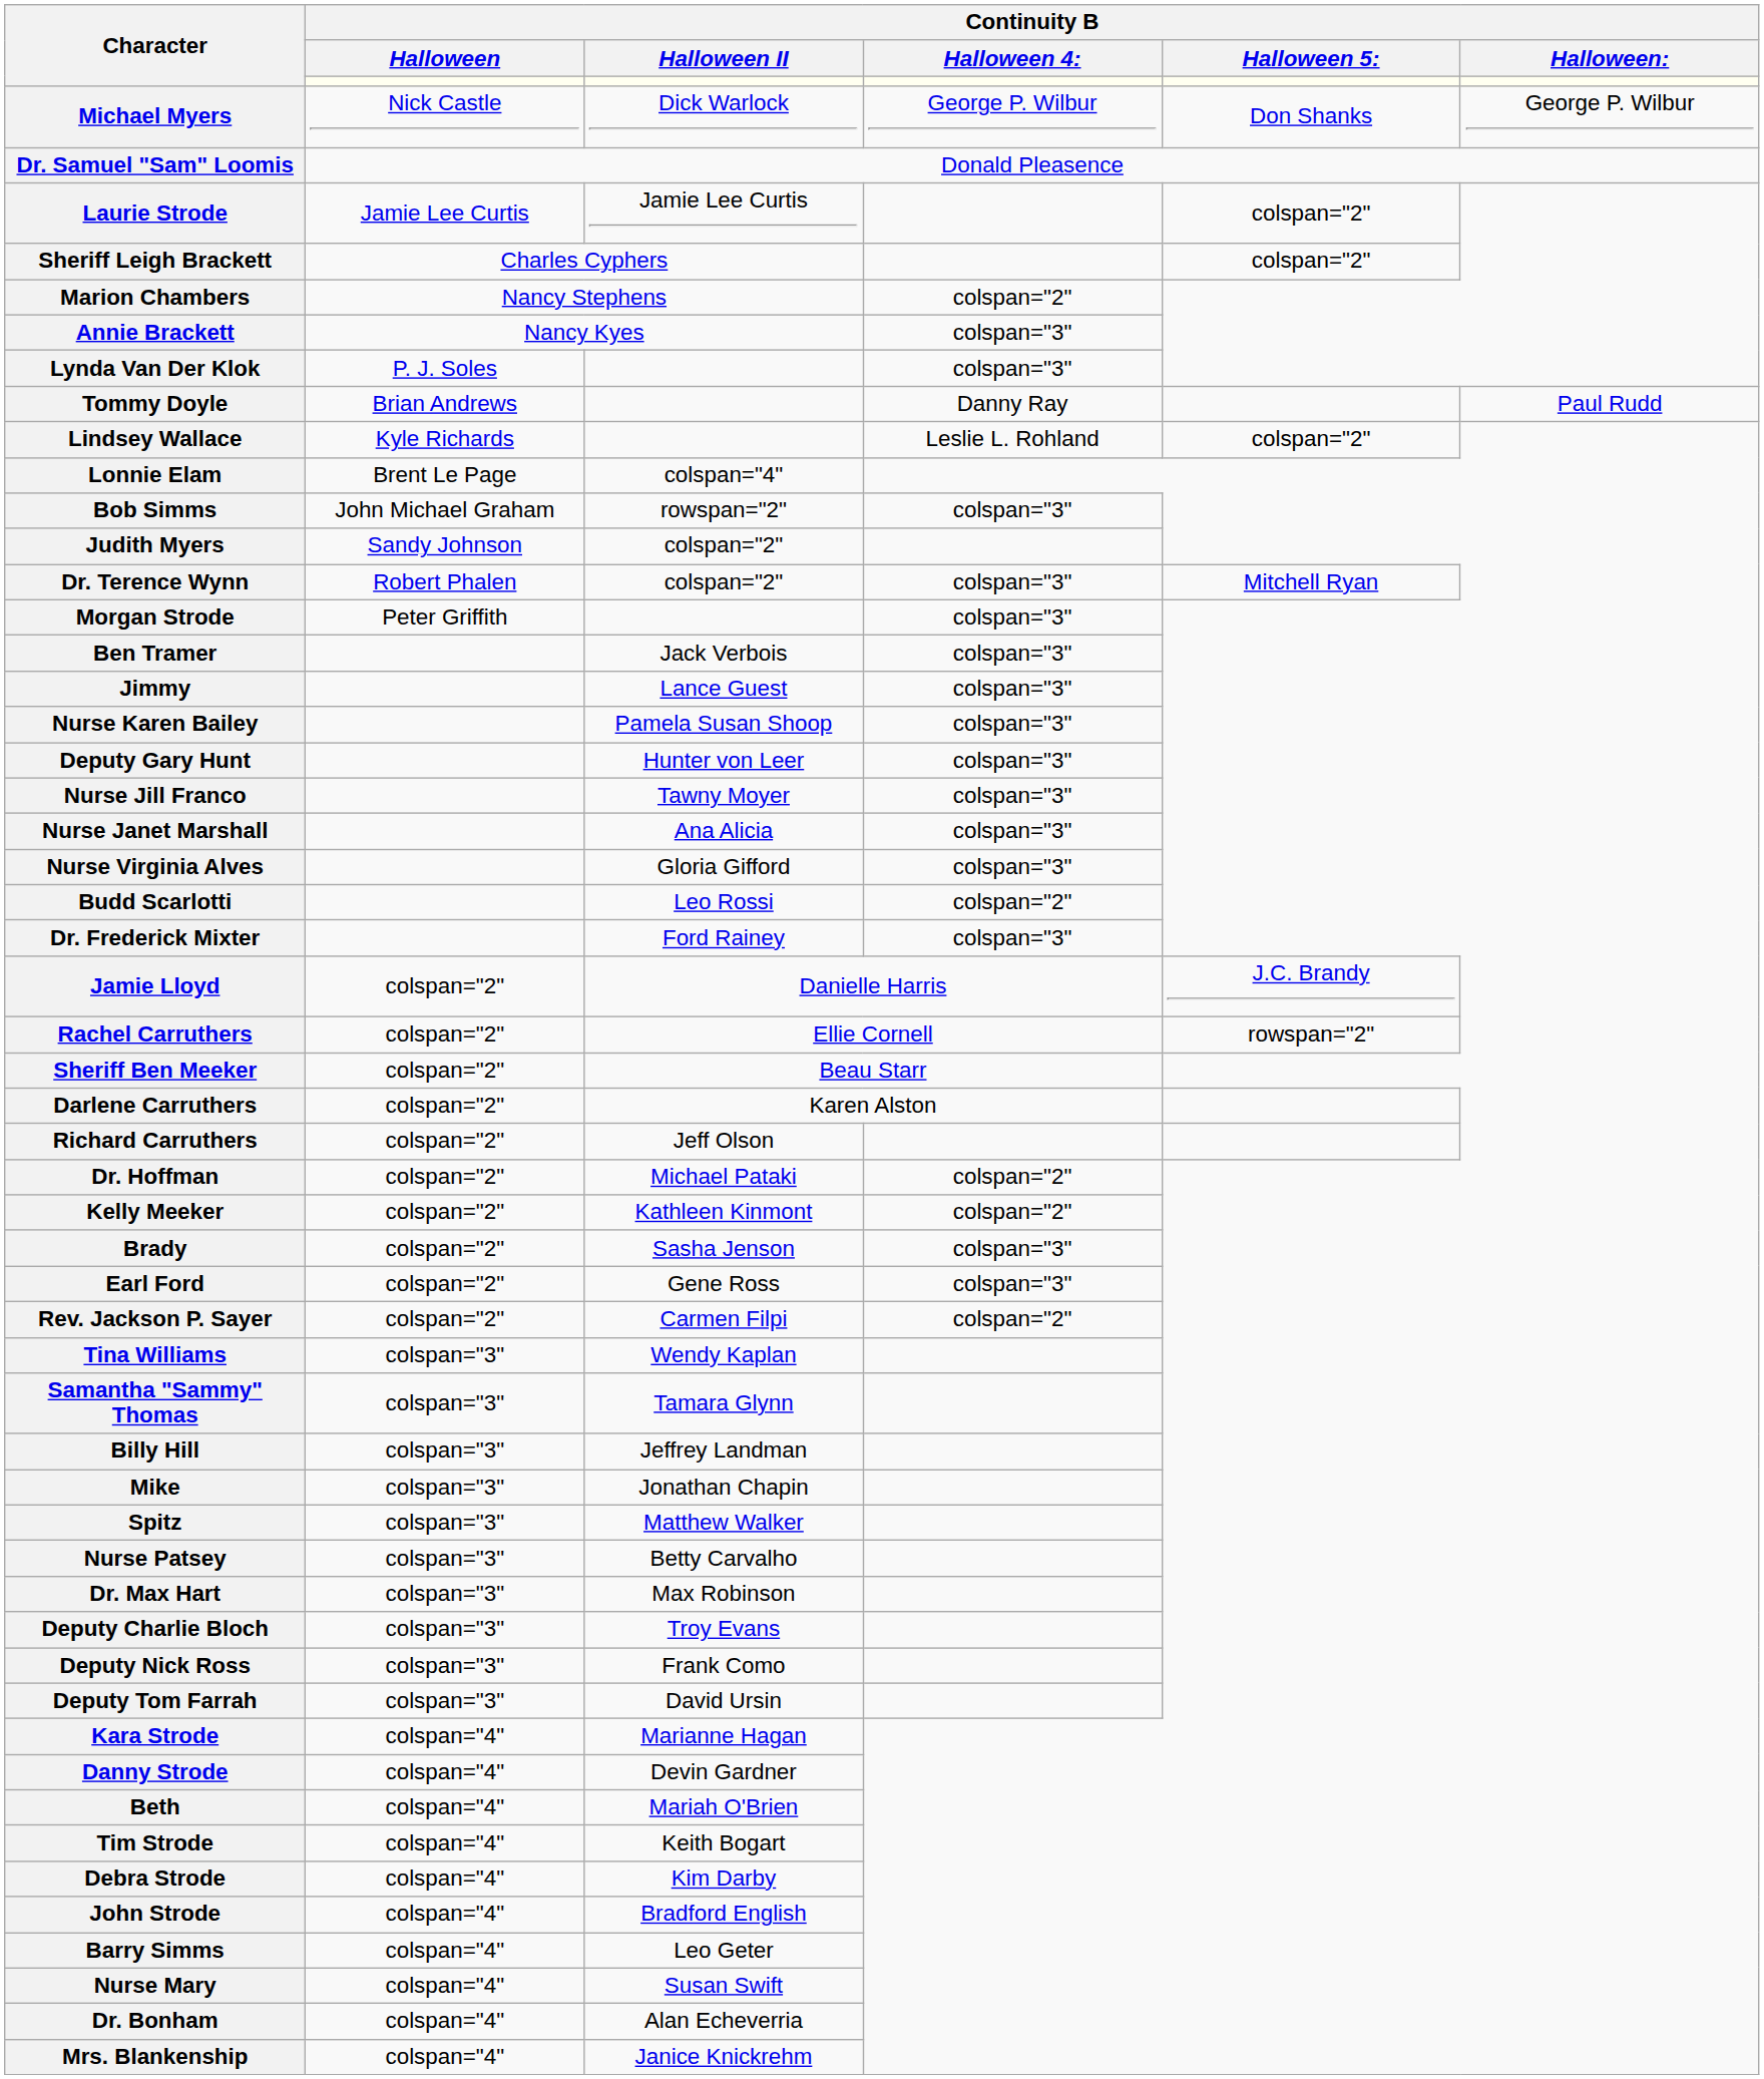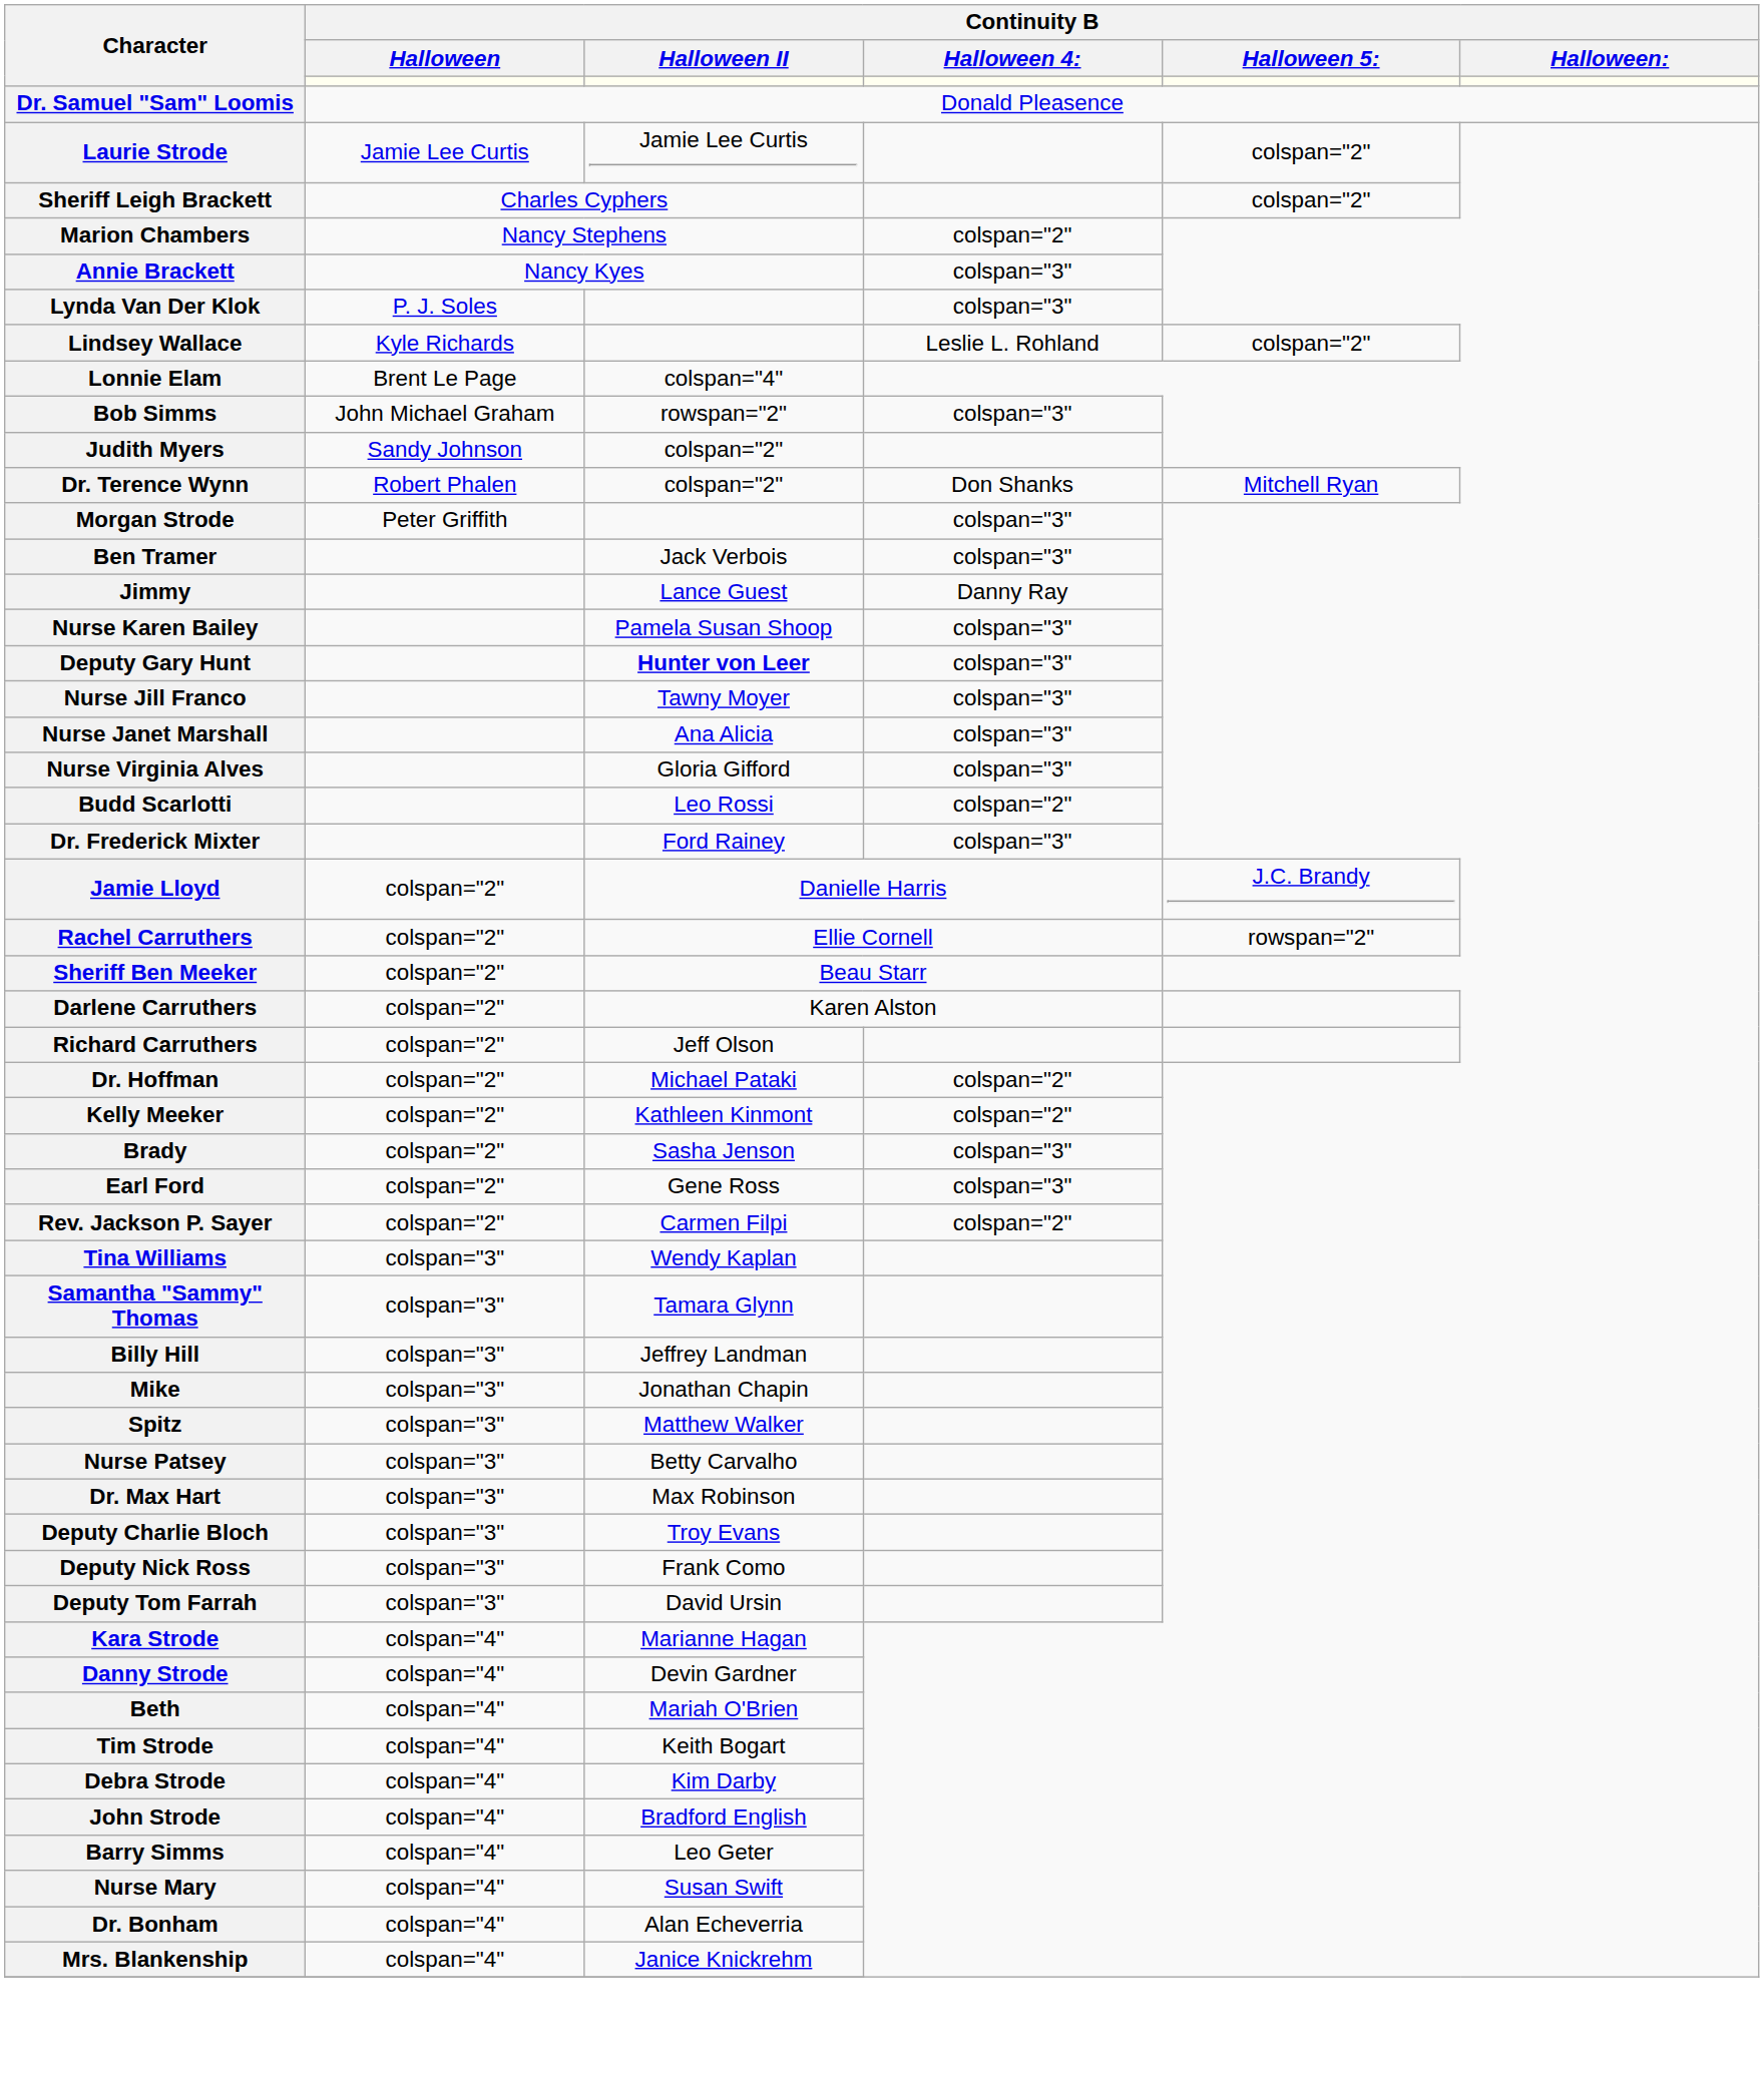 <table class="wikitable" style="text-align:center; width:99%; ">
 <tr>
 <th rowspan="3" style="width:15.1%;">Character</th>
 <th colspan="5" style="text-align:center;">Continuity B</th>
 </tr>
 <tr>
 <th style="text-align:center; width:14%;"><a href='#'><em>Halloween</em></a></th>
 <th style="text-align:center; width:14%;"><a href='#'><em>Halloween II</em></a></th>
 <th style="text-align:center; width:15%;"><a href='#'><em>Halloween 4:<br></em></a></th>
 <th style="text-align:center; width:15%;"><a href='#'><em>Halloween 5:<br></em></a></th>
 <th style="text-align:center; width:15%;"><a href='#'><em>Halloween:<br></em></a></th>
 </tr>
 <tr>
 <td style="background:ivory;"></td>
 <td style="background:ivory;"></td>
 <td style="background:ivory;"></td>
 <td style="background:ivory;"></td>
 <td style="background:ivory;"></td>
-</tr>
-<tr>
-<th><a href='#'>Michael Myers<br></a></th>
-<td><a href='#'>Nick Castle</a><hr></td>
-<td><a href='#'>Dick Warlock</a><hr></td>
-<td><a href='#'>George P. Wilbur</a><hr></td>
-<td><a href='#'>Don Shanks</a></td>
-<td>George P. Wilbur<hr></td>
 </tr>
 <tr>
 <th><a href='#'>Dr. Samuel "Sam" Loomis</a></th>
 <td colspan="5"><a href='#'>Donald Pleasence</a></td>
 </tr>
 <tr>
 <th><a href='#'>Laurie Strode</a></th>
 <td><a href='#'>Jamie Lee Curtis</a></td>
 <td>Jamie Lee Curtis<hr></td>
 <td></td>
 <td>colspan="2" </td>
 </tr>
 <tr>
 <th>Sheriff Leigh Brackett</th>
 <td colspan="2"><a href='#'>Charles Cyphers</a></td>
 <td></td>
 <td>colspan="2" </td>
 </tr>
 <tr>
 <th>Marion Chambers</th>
 <td colspan="2"><a href='#'>Nancy Stephens</a></td>
 <td>colspan="2" </td>
 </tr>
 <tr>
 <th><a href='#'>Annie Brackett</a></th>
 <td colspan="2"><a href='#'>Nancy Kyes</a></td>
 <td>colspan="3" </td>
 </tr>
 <tr>
 <th>Lynda Van Der Klok</th>
 <td><a href='#'>P. J. Soles</a></td>
 <td></td>
 <td>colspan="3" </td>
 </tr>
 <tr>
-<th>Tommy Doyle</th>
-<td><a href='#'>Brian Andrews</a></td>
-<td></td>
-<td>Danny Ray</td>
-<td></td>
-<td><a href='#'>Paul Rudd</a></td>
-</tr>
-<tr>
 <th>Lindsey Wallace</th>
 <td><a href='#'>Kyle Richards</a></td>
 <td></td>
 <td>Leslie L. Rohland</td>
 <td>colspan="2" </td>
 </tr>
 <tr>
 <th>Lonnie Elam</th>
 <td>Brent Le Page</td>
 <td>colspan="4" </td>
 </tr>
 <tr>
 <th>Bob Simms</th>
 <td>John Michael Graham</td>
 <td>rowspan="2" </td>
 <td>colspan="3" </td>
 </tr>
 <tr>
 <th>Judith Myers</th>
 <td><a href='#'>Sandy Johnson</a></td>
 <td>colspan="2" </td>
 <td></td>
 </tr>
 <tr>
 <th>Dr. Terence Wynn</th>
 <td><a href='#'>Robert Phalen</a></td>
 <td>colspan="2" </td>
-<td>colspan="3" </td>
+<td>Don Shanks</td>
 <td><a href='#'>Mitchell Ryan</a></td>
 </tr>
 <tr>
 <th>Morgan Strode</th>
 <td>Peter Griffith</td>
 <td></td>
 <td>colspan="3" </td>
 </tr>
 <tr>
 <th>Ben Tramer</th>
 <td></td>
 <td>Jack Verbois</td>
 <td>colspan="3" </td>
 </tr>
 <tr>
 <th>Jimmy</th>
 <td></td>
 <td><a href='#'>Lance Guest</a></td>
-<td>colspan="3" </td>
+<td>Danny Ray</td>
 </tr>
 <tr>
 <th>Nurse Karen Bailey</th>
 <td></td>
 <td><a href='#'>Pamela Susan Shoop</a></td>
 <td>colspan="3" </td>
 </tr>
 <tr>
 <th>Deputy Gary Hunt</th>
 <td></td>
-<td><a href='#'>Hunter von Leer</a></td>
+<td><strong><a href='#'>Hunter von Leer</a></strong></td>
 <td>colspan="3" </td>
 </tr>
 <tr>
 <th>Nurse Jill Franco</th>
 <td></td>
 <td><a href='#'>Tawny Moyer</a></td>
 <td>colspan="3" </td>
 </tr>
 <tr>
 <th>Nurse Janet Marshall</th>
 <td></td>
 <td><a href='#'>Ana Alicia</a></td>
 <td>colspan="3" </td>
 </tr>
 <tr>
 <th>Nurse Virginia Alves</th>
 <td></td>
 <td>Gloria Gifford</td>
 <td>colspan="3" </td>
 </tr>
 <tr>
 <th>Budd Scarlotti</th>
 <td></td>
 <td><a href='#'>Leo Rossi</a></td>
 <td>colspan="2" </td>
 </tr>
 <tr>
 <th>Dr. Frederick Mixter</th>
 <td></td>
 <td><a href='#'>Ford Rainey</a></td>
 <td>colspan="3" </td>
 </tr>
 <tr>
 <th><a href='#'>Jamie Lloyd</a></th>
 <td>colspan="2" </td>
 <td colspan="2"><a href='#'>Danielle Harris</a></td>
 <td><a href='#'>J.C. Brandy</a><hr></td>
 </tr>
 <tr>
 <th><a href='#'>Rachel Carruthers</a></th>
 <td>colspan="2" </td>
 <td colspan="2"><a href='#'>Ellie Cornell</a></td>
 <td>rowspan="2" </td>
 </tr>
 <tr>
 <th><a href='#'>Sheriff Ben Meeker</a></th>
 <td>colspan="2" </td>
 <td colspan="2"><a href='#'>Beau Starr</a></td>
 </tr>
 <tr>
 <th>Darlene Carruthers</th>
 <td>colspan="2" </td>
 <td colspan="2">Karen Alston</td>
 <td></td>
 </tr>
 <tr>
 <th>Richard Carruthers</th>
 <td>colspan="2" </td>
 <td>Jeff Olson</td>
 <td></td>
 <td></td>
 </tr>
 <tr>
 <th>Dr. Hoffman</th>
 <td>colspan="2" </td>
 <td><a href='#'>Michael Pataki</a></td>
 <td>colspan="2" </td>
 </tr>
 <tr>
 <th>Kelly Meeker</th>
 <td>colspan="2" </td>
 <td><a href='#'>Kathleen Kinmont</a></td>
 <td>colspan="2" </td>
 </tr>
 <tr>
 <th>Brady</th>
 <td>colspan="2" </td>
 <td><a href='#'>Sasha Jenson</a></td>
 <td>colspan="3" </td>
 </tr>
 <tr>
 <th>Earl Ford</th>
 <td>colspan="2" </td>
 <td>Gene Ross</td>
 <td>colspan="3" </td>
 </tr>
 <tr>
 <th>Rev. Jackson P. Sayer</th>
 <td>colspan="2" </td>
 <td><a href='#'>Carmen Filpi</a></td>
 <td>colspan="2" </td>
 </tr>
 <tr>
 <th><a href='#'>Tina Williams</a></th>
 <td>colspan="3" </td>
 <td><a href='#'>Wendy Kaplan</a></td>
 <td></td>
 </tr>
 <tr>
 <th><a href='#'>Samantha "Sammy" Thomas</a></th>
 <td>colspan="3" </td>
 <td><a href='#'>Tamara Glynn</a></td>
 <td></td>
 </tr>
 <tr>
 <th>Billy Hill</th>
 <td>colspan="3" </td>
 <td>Jeffrey Landman</td>
 <td></td>
 </tr>
 <tr>
 <th>Mike</th>
 <td>colspan="3" </td>
 <td>Jonathan Chapin</td>
 <td></td>
 </tr>
 <tr>
 <th>Spitz</th>
 <td>colspan="3" </td>
 <td><a href='#'>Matthew Walker</a></td>
 <td></td>
 </tr>
 <tr>
 <th>Nurse Patsey</th>
 <td>colspan="3" </td>
 <td>Betty Carvalho</td>
 <td></td>
 </tr>
 <tr>
 <th>Dr. Max Hart</th>
 <td>colspan="3" </td>
 <td>Max Robinson</td>
 <td></td>
 </tr>
 <tr>
 <th>Deputy Charlie Bloch</th>
 <td>colspan="3" </td>
 <td><a href='#'>Troy Evans</a></td>
 <td></td>
 </tr>
 <tr>
 <th>Deputy Nick Ross</th>
 <td>colspan="3" </td>
 <td>Frank Como</td>
 <td></td>
 </tr>
 <tr>
 <th>Deputy Tom Farrah</th>
 <td>colspan="3" </td>
 <td>David Ursin</td>
 <td></td>
 </tr>
 <tr>
 <th><a href='#'>Kara Strode</a></th>
 <td>colspan="4" </td>
 <td><a href='#'>Marianne Hagan</a></td>
 </tr>
 <tr>
 <th><a href='#'>Danny Strode</a></th>
 <td>colspan="4" </td>
 <td>Devin Gardner</td>
 </tr>
 <tr>
 <th>Beth</th>
 <td>colspan="4" </td>
 <td><a href='#'>Mariah O'Brien</a></td>
 </tr>
 <tr>
 <th>Tim Strode</th>
 <td>colspan="4" </td>
 <td>Keith Bogart</td>
 </tr>
 <tr>
 <th>Debra Strode</th>
 <td>colspan="4" </td>
 <td><a href='#'>Kim Darby</a></td>
 </tr>
 <tr>
 <th>John Strode</th>
 <td>colspan="4" </td>
 <td><a href='#'>Bradford English</a></td>
 </tr>
 <tr>
 <th>Barry Simms</th>
 <td>colspan="4" </td>
 <td>Leo Geter</td>
 </tr>
 <tr>
 <th>Nurse Mary</th>
 <td>colspan="4" </td>
 <td><a href='#'>Susan Swift</a></td>
 </tr>
 <tr>
 <th>Dr. Bonham</th>
 <td>colspan="4" </td>
 <td>Alan Echeverria</td>
 </tr>
 <tr>
 <th>Mrs. Blankenship</th>
 <td>colspan="4" </td>
 <td><a href='#'>Janice Knickrehm</a></td>
 </tr>
 <tr>
 </tr>
 </table>
